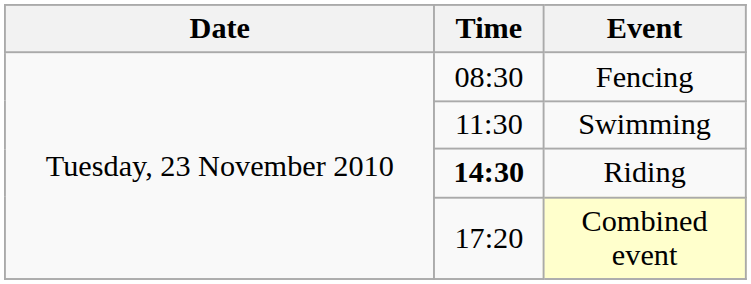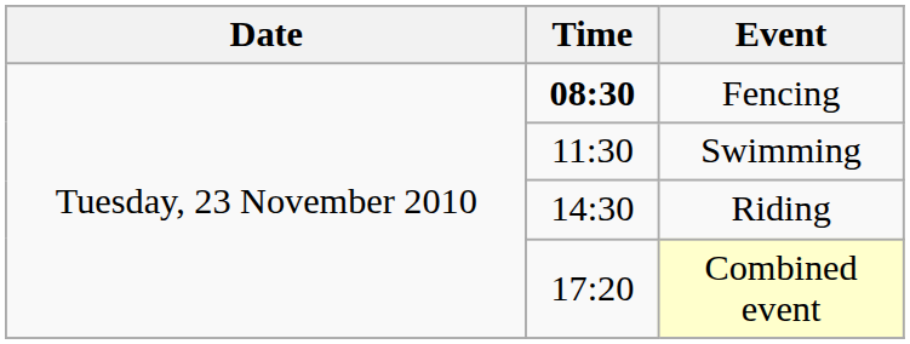 <table class = "wikitable" style="text-align:center;">
 <tr>
 <th width=220>Date</th>
 <th width=50>Time</th>
 <th width=100>Event</th>
 </tr>
 <tr>
 <td rowspan=4>Tuesday, 23 November 2010</td>
-<td>08:30</td>
+<td><strong>08:30</strong></td>
 <td>Fencing</td>
 </tr>
 <tr>
 <td>11:30</td>
 <td>Swimming</td>
 </tr>
 <tr>
-<td><strong>14:30</strong></td>
+<td>14:30</td>
 <td>Riding</td>
 </tr>
 <tr>
 <td>17:20</td>
 <td bgcolor=ffffcc>Combined event</td>
 </tr>
 </table>
